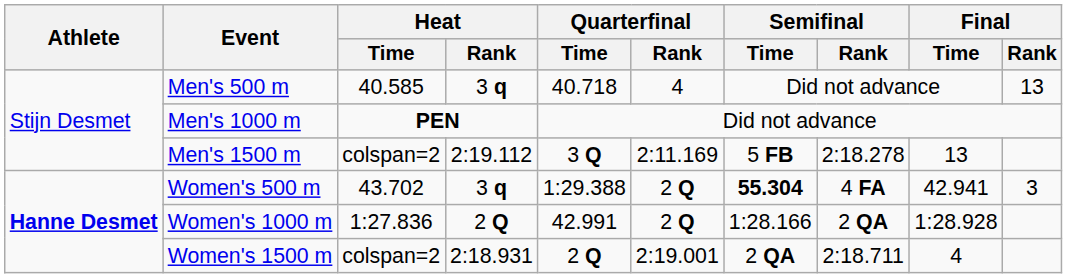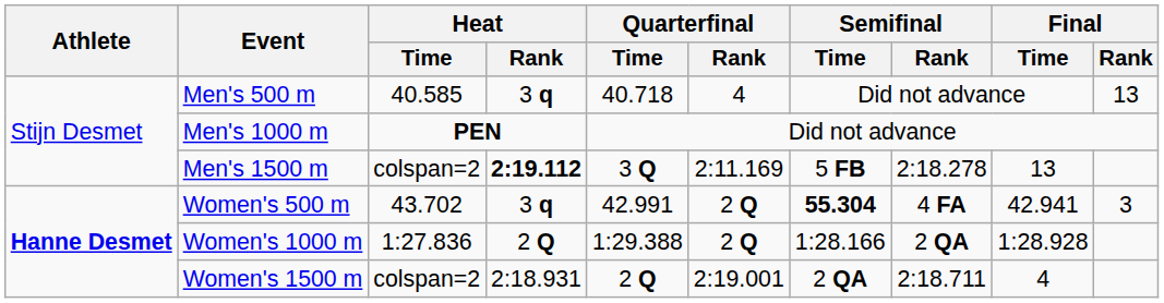 <table class=wikitable style=font-size:90%;text-align:center>
 <tr>
 <th rowspan=2>Athlete</th>
 <th rowspan=2>Event</th>
 <th colspan=2>Heat</th>
 <th colspan=2>Quarterfinal</th>
 <th colspan=2>Semifinal</th>
 <th colspan=2>Final</th>
 </tr>
 <tr style="font-size:95%">
 <th>Time</th>
 <th>Rank</th>
 <th>Time</th>
 <th>Rank</th>
 <th>Time</th>
 <th>Rank</th>
 <th>Time</th>
 <th>Rank</th>
 </tr>
 <tr>
 <td align=left rowspan=3><a href='#'>Stijn Desmet</a></td>
 <td align=left><a href='#'>Men's 500 m</a></td>
 <td>40.585</td>
 <td>3 <strong>q</strong></td>
 <td>40.718</td>
 <td>4</td>
 <td colspan=3>Did not advance</td>
 <td>13</td>
 </tr>
 <tr>
 <td align=left><a href='#'>Men's 1000 m</a></td>
 <td colspan=2><strong>PEN</strong></td>
 <td colspan=6>Did not advance</td>
 </tr>
 <tr>
 <td align=left><a href='#'>Men's 1500 m</a></td>
 <td>colspan=2 </td>
-<td>2:19.112</td>
+<td><strong>2:19.112</strong></td>
 <td>3 <strong>Q</strong></td>
 <td>2:11.169</td>
 <td>5 <strong>FB</strong></td>
 <td>2:18.278</td>
 <td>13</td>
 </tr>
 <tr>
 <td align=left rowspan=3><strong><a href='#'>Hanne Desmet</a></strong></td>
 <td align=left><a href='#'>Women's 500 m</a></td>
 <td>43.702</td>
 <td>3 <strong>q</strong></td>
-<td>1:29.388</td>
+<td>42.991</td>
 <td>2 <strong>Q</strong></td>
 <td><strong>55.304</strong></td>
 <td>4 <strong>FA</strong></td>
 <td>42.941</td>
 <td>3</td>
 </tr>
 <tr>
 <td align=left><a href='#'>Women's 1000 m</a></td>
 <td>1:27.836</td>
 <td>2 <strong>Q</strong></td>
-<td>42.991</td>
+<td>1:29.388</td>
 <td>2 <strong>Q</strong></td>
 <td>1:28.166</td>
 <td>2 <strong>QA</strong></td>
 <td>1:28.928</td>
 <td></td>
 </tr>
 <tr>
 <td align=left><a href='#'>Women's 1500 m</a></td>
 <td>colspan=2 </td>
 <td>2:18.931</td>
 <td>2 <strong>Q</strong></td>
 <td>2:19.001</td>
 <td>2 <strong>QA</strong></td>
 <td>2:18.711</td>
 <td>4</td>
 </tr>
 </table>
